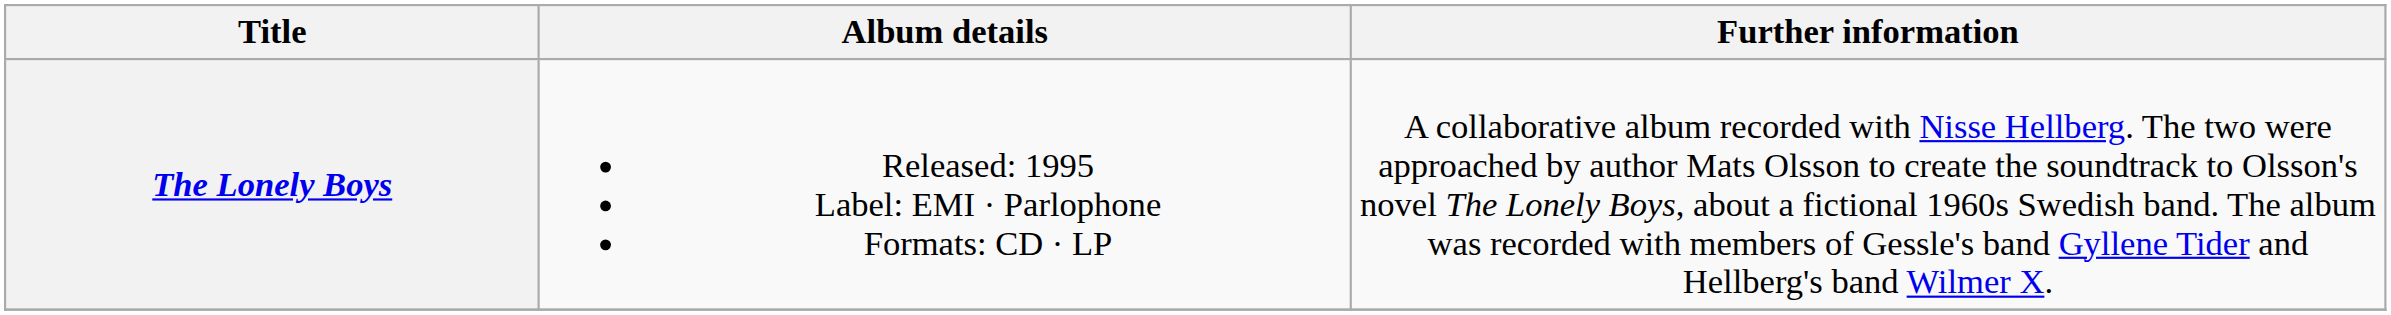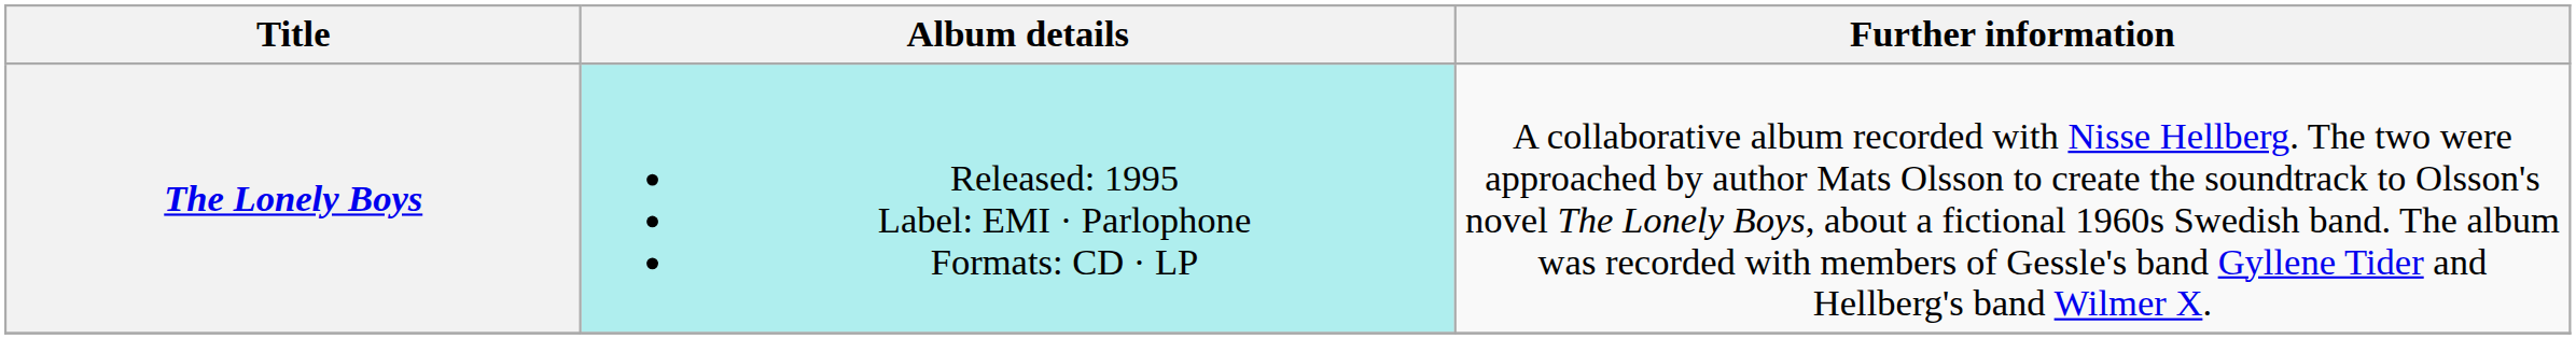 <table class="wikitable plainrowheaders" style="text-align:center;" border="1">
 <tr>
 <th scope="col" rowspan="1" style="width:15em;">Title</th>
 <th scope="col" rowspan="1" style="width:23em;">Album details</th>
 <th scope="col" rowspan="1" style="width:29.5em;">Further information</th>
 </tr>
 <tr>
 <th scope="row"><em><a href='#'>The Lonely Boys</a></em></th>
-<td><br><ul><li>Released: 1995</li><li>Label: EMI · Parlophone</li><li>Formats: CD · LP</li></ul></td>
+<td style="background: paleturquoise;"><br><ul><li>Released: 1995</li><li>Label: EMI · Parlophone</li><li>Formats: CD · LP</li></ul></td>
 <td><br>A collaborative album recorded with <a href='#'>Nisse Hellberg</a>. The two were approached by author Mats Olsson to create the soundtrack to Olsson's novel <em>The Lonely Boys</em>, about a fictional 1960s Swedish band. The album was recorded with members of Gessle's band <a href='#'>Gyllene Tider</a> and Hellberg's band <a href='#'>Wilmer X</a>.</td>
 </tr>
 <tr>
 </tr>
 </table>
